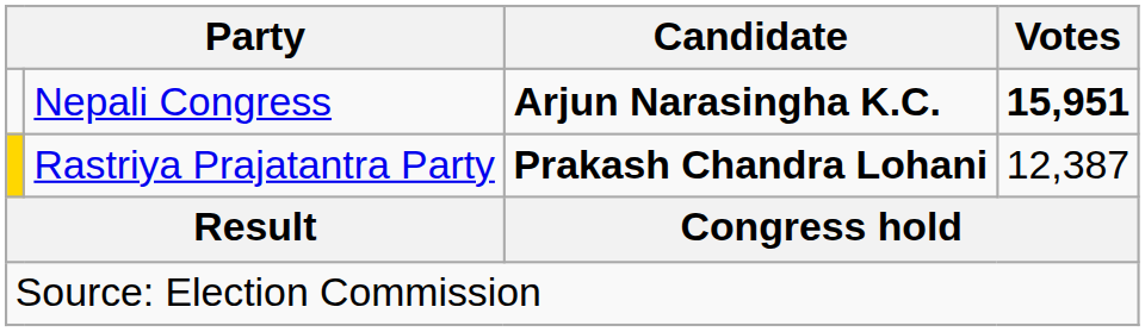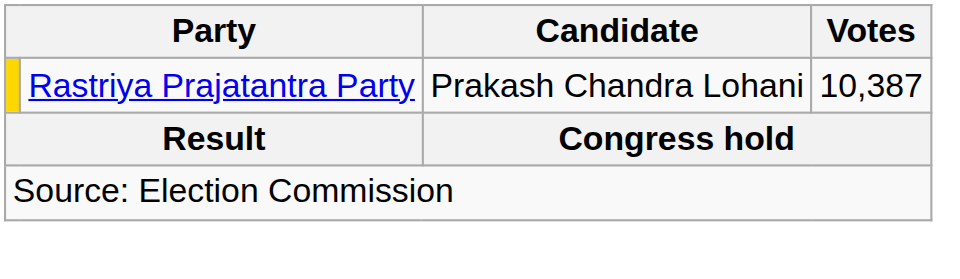 <table class="wikitable">
 <tr>
 <th colspan="2">Party</th>
 <th>Candidate</th>
 <th>Votes</th>
 </tr>
 <tr>
-<td style="background-color:"></td>
-<td><a href='#'>Nepali Congress</a></td>
-<td><strong>Arjun Narasingha K.C.</strong></td>
-<td><strong>15,951</strong></td>
-</tr>
-<tr>
 <td style="background-color:gold"></td>
 <td><a href='#'>Rastriya Prajatantra Party</a></td>
-<td><strong>Prakash Chandra Lohani</strong></td>
-<td>12,387</td>
+<td>Prakash Chandra Lohani</td>
+<td>10,387</td>
 </tr>
 <tr>
 <th colspan="2">Result</th>
 <th colspan="2">Congress hold</th>
 </tr>
 <tr>
 <td colspan="4">Source: Election Commission</td>
 </tr>
 </table>
